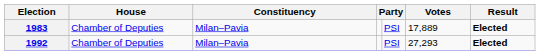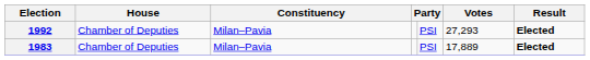 <table class=wikitable style="width:55%; border:1px #AAAAFF solid">
 <tr>
 <th width=12%>Election</th>
 <th width=23%>House</th>
 <th width=34%>Constituency</th>
 <th width=5% colspan="2">Party</th>
 <th width=12%>Votes</th>
 <th width=12%>Result</th>
+</tr>
+<tr>
+<th><a href='#'>1992</a></th>
+<td><a href='#'>Chamber of Deputies</a></td>
+<td><a href='#'>Milan–Pavia</a></td>
+<td></td>
+<td><a href='#'>PSI</a></td>
+<td>27,293</td>
+<td> <strong>Elected</strong></td>
 </tr>
 <tr>
 <th><a href='#'>1983</a></th>
 <td><a href='#'>Chamber of Deputies</a></td>
 <td><a href='#'>Milan–Pavia</a></td>
 <td></td>
 <td><a href='#'>PSI</a></td>
 <td>17,889</td>
 <td> <strong>Elected</strong></td>
 </tr>
 <tr>
-<th><a href='#'>1992</a></th>
-<td><a href='#'>Chamber of Deputies</a></td>
-<td><a href='#'>Milan–Pavia</a></td>
-<td></td>
-<td><a href='#'>PSI</a></td>
-<td>27,293</td>
-<td> <strong>Elected</strong></td>
-</tr>
-<tr>
 </tr>
 </table>
